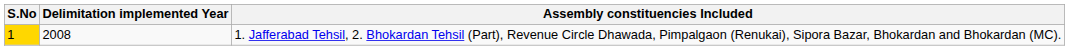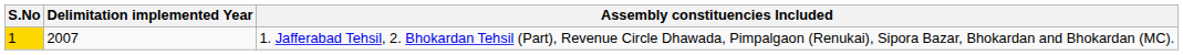 <table class="wikitable sortable">
 <tr>
 <th>S.No</th>
 <th>Delimitation implemented Year</th>
 <th>Assembly constituencies Included</th>
 </tr>
 <tr>
 <td style="background: gold;">1</td>
-<td>2008</td>
+<td>2007</td>
 <td>1. <a href='#'>Jafferabad Tehsil</a>, 2. <a href='#'>Bhokardan Tehsil</a> (Part), Revenue Circle Dhawada, Pimpalgaon (Renukai), Sipora Bazar, Bhokardan and Bhokardan (MC).</td>
 </tr>
 </table>
